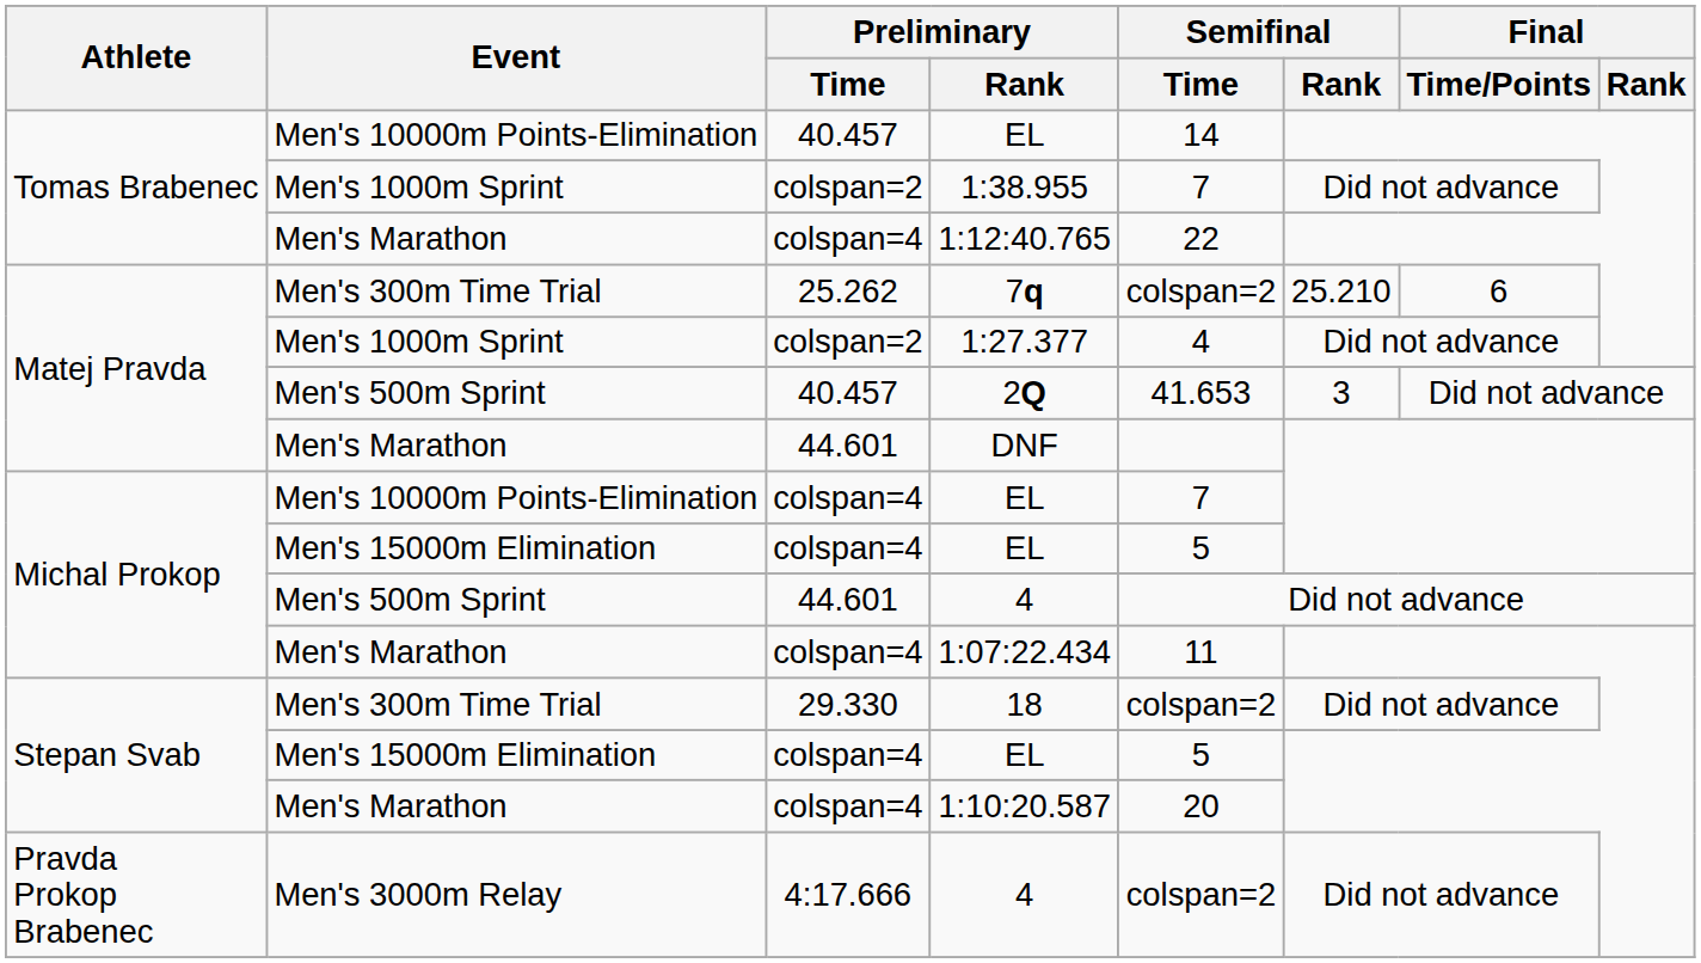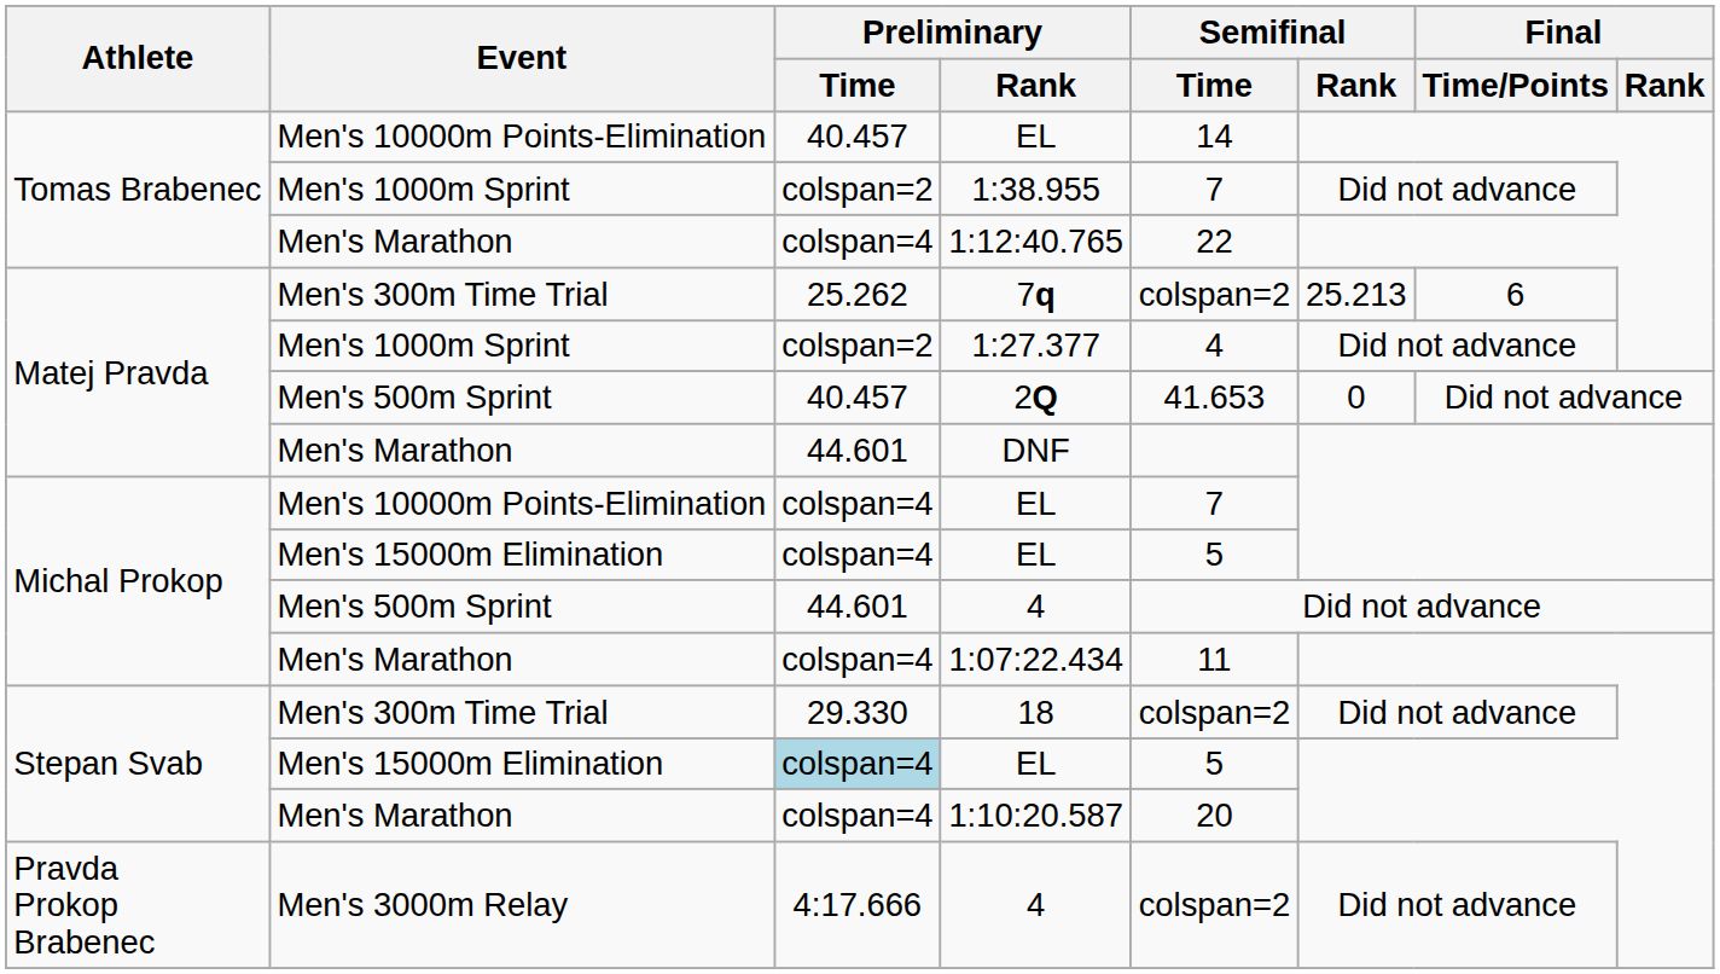 <table class="wikitable" border="1" style="font-size:90%">
 <tr>
 <th rowspan=2>Athlete</th>
 <th rowspan=2>Event</th>
 <th colspan=2>Preliminary</th>
 <th colspan=2>Semifinal</th>
 <th colspan=2>Final</th>
 </tr>
 <tr>
 <th>Time</th>
 <th>Rank</th>
 <th>Time</th>
 <th>Rank</th>
 <th>Time/Points</th>
 <th>Rank</th>
 </tr>
 <tr align=center>
 <td align=left rowspan=3>Tomas Brabenec</td>
 <td align=left>Men's 10000m Points-Elimination</td>
 <td>40.457</td>
 <td>EL</td>
 <td>14</td>
 </tr>
 <tr align=center>
 <td align=left>Men's 1000m Sprint</td>
 <td>colspan=2 </td>
 <td>1:38.955</td>
 <td>7</td>
 <td colspan=2>Did not advance</td>
 </tr>
 <tr align=center>
 <td align=left>Men's Marathon</td>
 <td>colspan=4 </td>
 <td>1:12:40.765</td>
 <td>22</td>
 </tr>
 <tr align=center>
 <td align=left rowspan=4>Matej Pravda</td>
 <td align=left>Men's 300m Time Trial</td>
 <td>25.262</td>
 <td>7<strong>q</strong></td>
 <td>colspan=2 </td>
-<td>25.210</td>
+<td>25.213</td>
 <td>6</td>
 </tr>
 <tr align=center>
 <td align=left>Men's 1000m Sprint</td>
 <td>colspan=2 </td>
 <td>1:27.377</td>
 <td>4</td>
 <td colspan=2>Did not advance</td>
 </tr>
 <tr align=center>
 <td align=left>Men's 500m Sprint</td>
 <td>40.457</td>
 <td>2<strong>Q</strong></td>
 <td>41.653</td>
-<td>3</td>
+<td>0</td>
 <td colspan=2>Did not advance</td>
 </tr>
 <tr align=center>
 <td align=left>Men's Marathon</td>
 <td>44.601</td>
 <td>DNF</td>
 <td></td>
 </tr>
 <tr align=center>
 <td align=left rowspan=4>Michal Prokop</td>
 <td align=left>Men's 10000m Points-Elimination</td>
 <td>colspan=4 </td>
 <td>EL</td>
 <td>7</td>
 </tr>
 <tr align=center>
 <td align=left>Men's 15000m Elimination</td>
 <td>colspan=4 </td>
 <td>EL</td>
 <td>5</td>
 </tr>
 <tr align=center>
 <td align=left>Men's 500m Sprint</td>
 <td>44.601</td>
 <td>4</td>
 <td colspan=4>Did not advance</td>
 </tr>
 <tr align=center>
 <td align=left>Men's Marathon</td>
 <td>colspan=4 </td>
 <td>1:07:22.434</td>
 <td>11</td>
 </tr>
 <tr align=center>
 <td align=left rowspan=3>Stepan Svab</td>
 <td align=left>Men's 300m Time Trial</td>
 <td>29.330</td>
 <td>18</td>
 <td>colspan=2 </td>
 <td colspan=2>Did not advance</td>
 </tr>
 <tr align=center>
 <td align=left>Men's 15000m Elimination</td>
-<td>colspan=4 </td>
+<td style="background: lightblue;">colspan=4 </td>
 <td>EL</td>
 <td>5</td>
 </tr>
 <tr align=center>
 <td align=left>Men's Marathon</td>
 <td>colspan=4 </td>
 <td>1:10:20.587</td>
 <td>20</td>
 </tr>
 <tr align=center>
 <td align=left>Pravda<br>Prokop<br>Brabenec</td>
 <td align=left>Men's 3000m Relay</td>
 <td>4:17.666</td>
 <td>4</td>
 <td>colspan=2 </td>
 <td colspan=2>Did not advance</td>
 </tr>
 </table>
